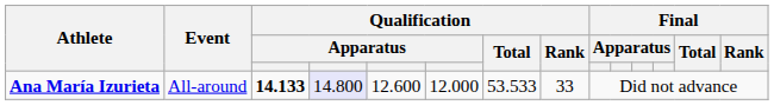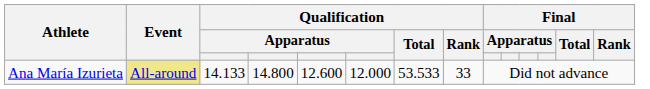 <table class="wikitable" style="font-size:90%">
 <tr>
 <th rowspan=3>Athlete</th>
 <th rowspan=3>Event</th>
 <th colspan=6>Qualification</th>
 <th colspan=6>Final</th>
 </tr>
 <tr style="font-size:95%">
 <th colspan=4>Apparatus</th>
 <th rowspan=2>Total</th>
 <th rowspan=2>Rank</th>
 <th colspan=4>Apparatus</th>
 <th rowspan=2>Total</th>
 <th rowspan=2>Rank</th>
 </tr>
 <tr style="font-size:95%">
 <th></th>
 <th></th>
 <th></th>
 <th></th>
 <th></th>
 <th></th>
 <th></th>
 <th></th>
 </tr>
 <tr align=center>
-<td align=left><strong><a href='#'>Ana María Izurieta</a></strong></td>
-<td align=left><a href='#'>All-around</a></td>
-<td><strong>14.133</strong></td>
-<td style="background: lavender;">14.800</td>
+<td align=left><a href='#'>Ana María Izurieta</a></td>
+<td align=left style="background: khaki;"><a href='#'>All-around</a></td>
+<td>14.133</td>
+<td>14.800</td>
 <td>12.600</td>
 <td>12.000</td>
 <td>53.533</td>
 <td>33</td>
 <td colspan=6>Did not advance</td>
 </tr>
 </table>
